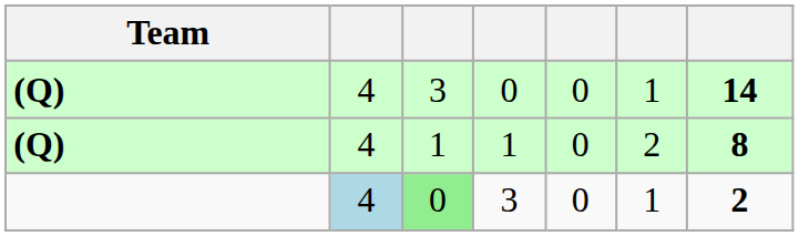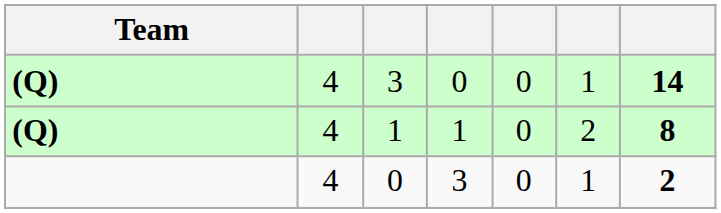 <table class="wikitable" style="text-align:center">
 <tr>
 <th width="140">Team</th>
 <th width="25"></th>
 <th width="25"></th>
 <th width="25"></th>
 <th width="25"></th>
 <th width="25"></th>
 <th width="40"></th>
 </tr>
 <tr style="background:#cfc">
 <td style="text-align:left"> <strong>(Q)</strong></td>
 <td>4</td>
 <td>3</td>
 <td>0</td>
 <td>0</td>
 <td>1</td>
 <td><strong>14</strong></td>
 </tr>
 <tr style="background:#cfc">
 <td style="text-align:left"> <strong>(Q)</strong></td>
 <td>4</td>
 <td>1</td>
 <td>1</td>
 <td>0</td>
 <td>2</td>
 <td><strong>8</strong></td>
 </tr>
 <tr>
 <td style="text-align:left"></td>
-<td style="background: lightblue;">4</td>
-<td style="background: lightgreen;">0</td>
+<td>4</td>
+<td>0</td>
 <td>3</td>
 <td>0</td>
 <td>1</td>
 <td><strong>2</strong></td>
 </tr>
 </table>
